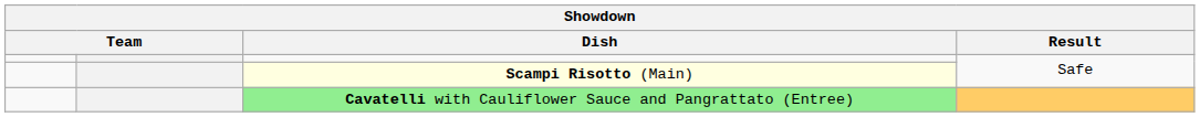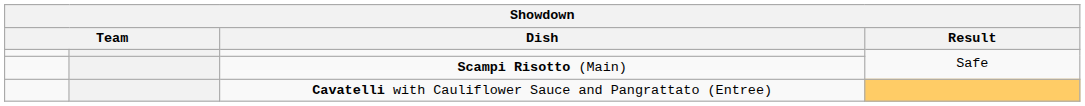 <table class="wikitable plainrowheaders" style="text-align:center; font-size:90%; width:80em;">
 <tr>
 <th colspan="5" >Showdown</th>
 </tr>
 <tr>
 <th style="width:20%;" colspan="2">Team</th>
 <th style="width:60%;">Dish</th>
 <th style="width:20%;">Result</th>
 </tr>
 <tr>
 <td></td>
 <th style="width:14%"></th>
 <td></td>
 <td rowspan="2">Safe</td>
 </tr>
 <tr>
 <td></td>
 <th></th>
-<td style="background: lightyellow;"><strong>Scampi Risotto</strong> (Main)</td>
+<td><strong>Scampi Risotto</strong> (Main)</td>
 </tr>
 <tr>
 <td></td>
 <th></th>
-<td style="background: lightgreen;"><strong>Cavatelli</strong> with Cauliflower Sauce and Pangrattato (Entree)</td>
+<td><strong>Cavatelli</strong> with Cauliflower Sauce and Pangrattato (Entree)</td>
 <td style="background:#fc6;"></td>
 </tr>
 </table>
